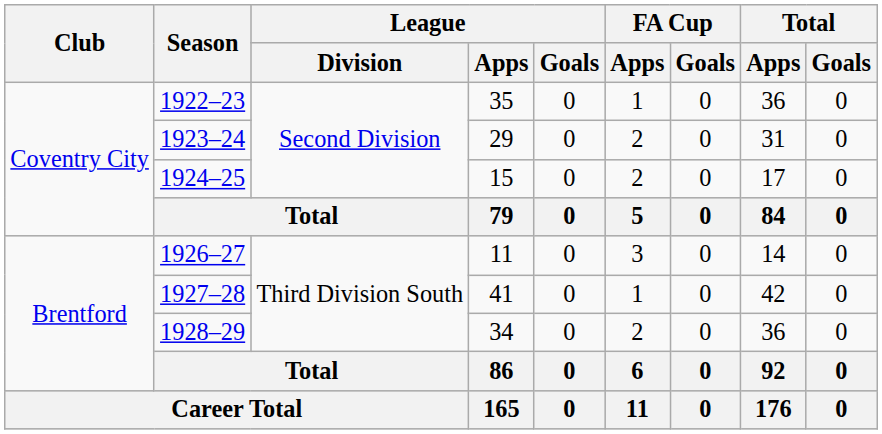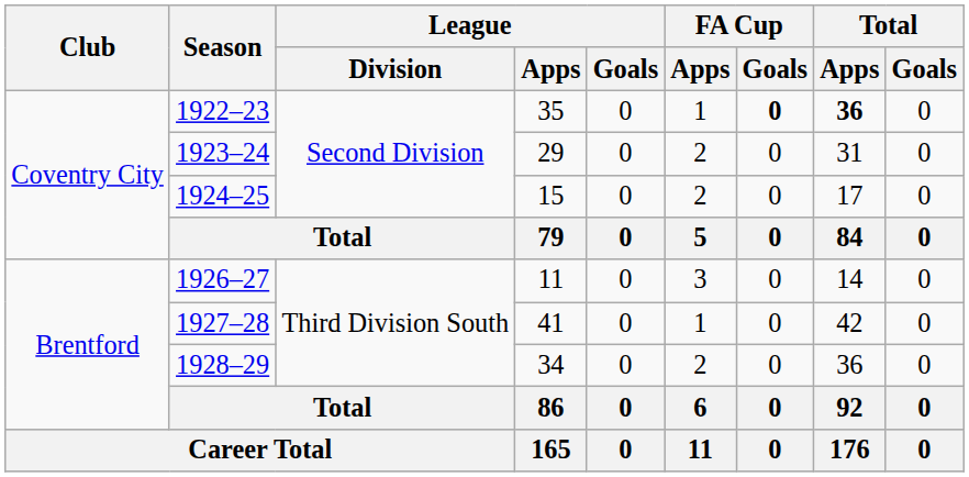 <table class="wikitable" style="text-align: center;">
 <tr>
 <th rowspan="2">Club</th>
 <th rowspan="2">Season</th>
 <th colspan="3">League</th>
 <th colspan="2">FA Cup</th>
 <th colspan="2">Total</th>
 </tr>
 <tr>
 <th>Division</th>
 <th>Apps</th>
 <th>Goals</th>
 <th>Apps</th>
 <th>Goals</th>
 <th>Apps</th>
 <th>Goals</th>
 </tr>
 <tr>
 <td rowspan="4"><a href='#'>Coventry City</a></td>
 <td><a href='#'>1922–23</a></td>
 <td rowspan="3"><a href='#'>Second Division</a></td>
 <td>35</td>
 <td>0</td>
 <td>1</td>
-<td>0</td>
-<td>36</td>
+<td><strong>0</strong></td>
+<td><strong>36</strong></td>
 <td>0</td>
 </tr>
 <tr>
 <td><a href='#'>1923–24</a></td>
 <td>29</td>
 <td>0</td>
 <td>2</td>
 <td>0</td>
 <td>31</td>
 <td>0</td>
 </tr>
 <tr>
 <td><a href='#'>1924–25</a></td>
 <td>15</td>
 <td>0</td>
 <td>2</td>
 <td>0</td>
 <td>17</td>
 <td>0</td>
 </tr>
 <tr>
 <th colspan="2">Total</th>
 <th>79</th>
 <th>0</th>
 <th>5</th>
 <th>0</th>
 <th>84</th>
 <th>0</th>
 </tr>
 <tr>
 <td rowspan="4"><a href='#'>Brentford</a></td>
 <td><a href='#'>1926–27</a></td>
 <td rowspan="3">Third Division South</td>
 <td>11</td>
 <td>0</td>
 <td>3</td>
 <td>0</td>
 <td>14</td>
 <td>0</td>
 </tr>
 <tr>
 <td><a href='#'>1927–28</a></td>
 <td>41</td>
 <td>0</td>
 <td>1</td>
 <td>0</td>
 <td>42</td>
 <td>0</td>
 </tr>
 <tr>
 <td><a href='#'>1928–29</a></td>
 <td>34</td>
 <td>0</td>
 <td>2</td>
 <td>0</td>
 <td>36</td>
 <td>0</td>
 </tr>
 <tr>
 <th colspan="2">Total</th>
 <th>86</th>
 <th>0</th>
 <th>6</th>
 <th>0</th>
 <th>92</th>
 <th>0</th>
 </tr>
 <tr>
 <th colspan="3">Career Total</th>
 <th>165</th>
 <th>0</th>
 <th>11</th>
 <th>0</th>
 <th>176</th>
 <th>0</th>
 </tr>
 </table>
